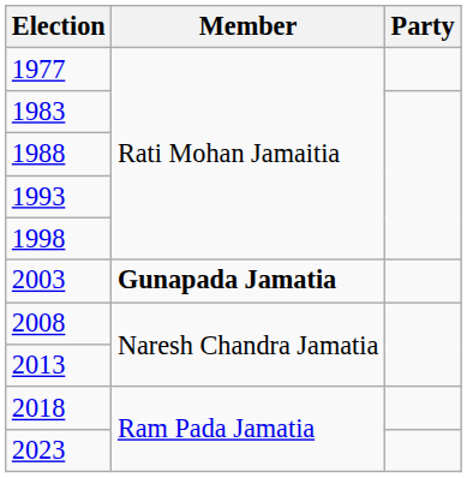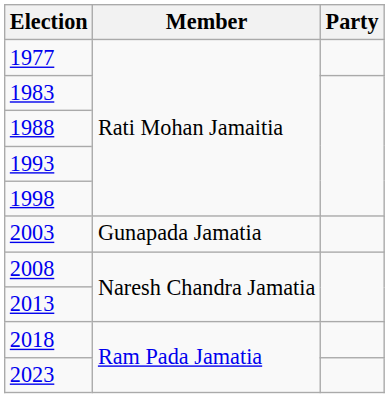 <table class="wikitable sortable">
 <tr>
 <th>Election</th>
 <th>Member</th>
 <th colspan=2>Party</th>
 </tr>
 <tr>
 <td><a href='#'>1977</a></td>
 <td rowspan=5>Rati Mohan Jamaitia</td>
 <td></td>
 </tr>
 <tr>
 <td><a href='#'>1983</a></td>
 </tr>
 <tr>
 <td><a href='#'>1988</a></td>
 </tr>
 <tr>
 <td><a href='#'>1993</a></td>
 </tr>
 <tr>
 <td><a href='#'>1998</a></td>
 </tr>
 <tr>
 <td><a href='#'>2003</a></td>
-<td><strong>Gunapada Jamatia</strong></td>
+<td>Gunapada Jamatia</td>
 <td></td>
 </tr>
 <tr>
 <td><a href='#'>2008</a></td>
 <td rowspan=2>Naresh Chandra Jamatia</td>
 </tr>
 <tr>
 <td><a href='#'>2013</a></td>
 </tr>
 <tr>
 <td><a href='#'>2018</a></td>
 <td rowspan=2><a href='#'>Ram Pada Jamatia</a></td>
 <td></td>
 </tr>
 <tr>
 <td><a href='#'>2023</a></td>
 </tr>
 </table>
